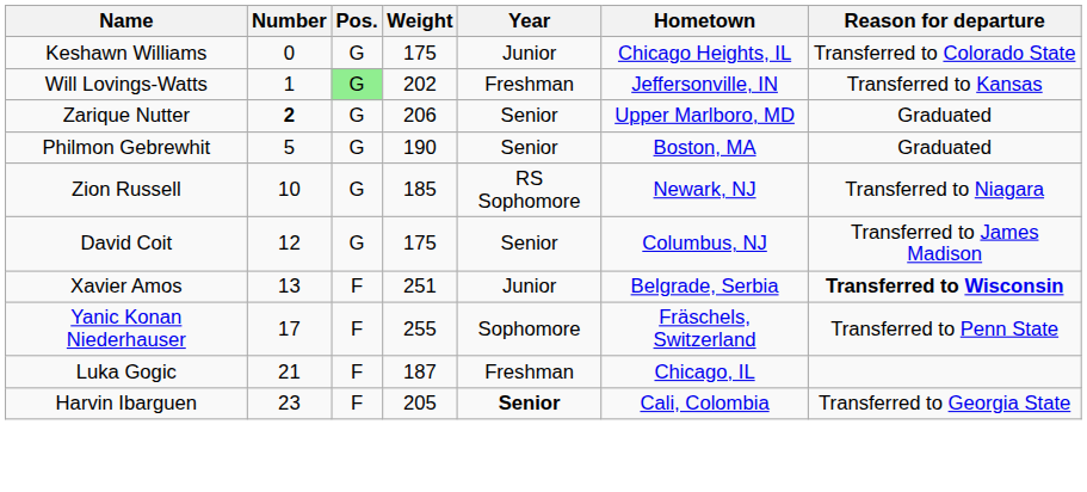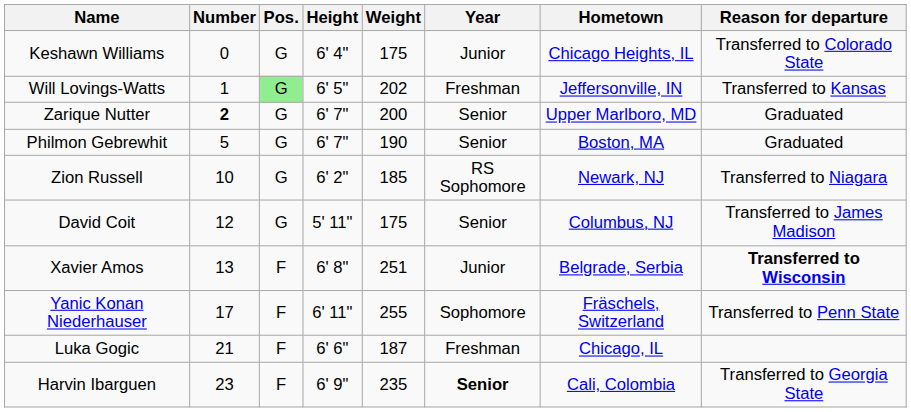 <table class="wikitable sortable" style="text-align:center">
 <tr align=center>
 <th>Name</th>
 <th>Number</th>
 <th>Pos.</th>
+<th>Height</th>
 <th>Weight</th>
 <th>Year</th>
 <th>Hometown</th>
 <th class="unsortable">Reason for departure</th>
 </tr>
 <tr>
 <td>Keshawn Williams</td>
 <td>0</td>
 <td>G</td>
+<td>6' 4"</td>
 <td>175</td>
 <td>Junior</td>
 <td><a href='#'>Chicago Heights, IL</a></td>
 <td>Transferred to <a href='#'>Colorado State</a></td>
 </tr>
 <tr>
 <td>Will Lovings-Watts</td>
 <td>1</td>
 <td style="background: lightgreen;">G</td>
+<td>6' 5"</td>
 <td>202</td>
 <td>Freshman</td>
 <td><a href='#'>Jeffersonville, IN</a></td>
 <td>Transferred to <a href='#'>Kansas</a></td>
 </tr>
 <tr>
 <td>Zarique Nutter</td>
 <td><strong>2</strong></td>
 <td>G</td>
-<td>206</td>
+<td>6' 7"</td>
+<td>200</td>
 <td>Senior</td>
 <td><a href='#'>Upper Marlboro, MD</a></td>
 <td>Graduated</td>
 </tr>
 <tr>
 <td>Philmon Gebrewhit</td>
 <td>5</td>
 <td>G</td>
+<td>6' 7"</td>
 <td>190</td>
 <td>Senior</td>
 <td><a href='#'>Boston, MA</a></td>
 <td>Graduated</td>
 </tr>
 <tr>
 <td>Zion Russell</td>
 <td>10</td>
 <td>G</td>
+<td>6' 2"</td>
 <td>185</td>
 <td>RS Sophomore</td>
 <td><a href='#'>Newark, NJ</a></td>
 <td>Transferred to <a href='#'>Niagara</a></td>
 </tr>
 <tr>
 <td>David Coit</td>
 <td>12</td>
 <td>G</td>
+<td>5' 11"</td>
 <td>175</td>
 <td>Senior</td>
 <td><a href='#'>Columbus, NJ</a></td>
 <td>Transferred to <a href='#'>James Madison</a></td>
 </tr>
 <tr>
 <td>Xavier Amos</td>
 <td>13</td>
 <td>F</td>
+<td>6' 8"</td>
 <td>251</td>
 <td>Junior</td>
 <td><a href='#'>Belgrade, Serbia</a></td>
 <td><strong>Transferred to <a href='#'>Wisconsin</a></strong></td>
 </tr>
 <tr>
 <td><a href='#'>Yanic Konan Niederhauser</a></td>
 <td>17</td>
 <td>F</td>
+<td>6' 11"</td>
 <td>255</td>
 <td>Sophomore</td>
 <td><a href='#'>Fräschels, Switzerland</a></td>
 <td>Transferred to <a href='#'>Penn State</a></td>
 </tr>
 <tr>
 <td>Luka Gogic</td>
 <td>21</td>
 <td>F</td>
+<td>6' 6"</td>
 <td>187</td>
 <td>Freshman</td>
 <td><a href='#'>Chicago, IL</a></td>
 <td></td>
 </tr>
 <tr>
 <td>Harvin Ibarguen</td>
 <td>23</td>
 <td>F</td>
-<td>205</td>
+<td>6' 9"</td>
+<td>235</td>
 <td><strong>Senior</strong></td>
 <td><a href='#'>Cali, Colombia</a></td>
 <td>Transferred to <a href='#'>Georgia State</a></td>
 </tr>
 </table>
